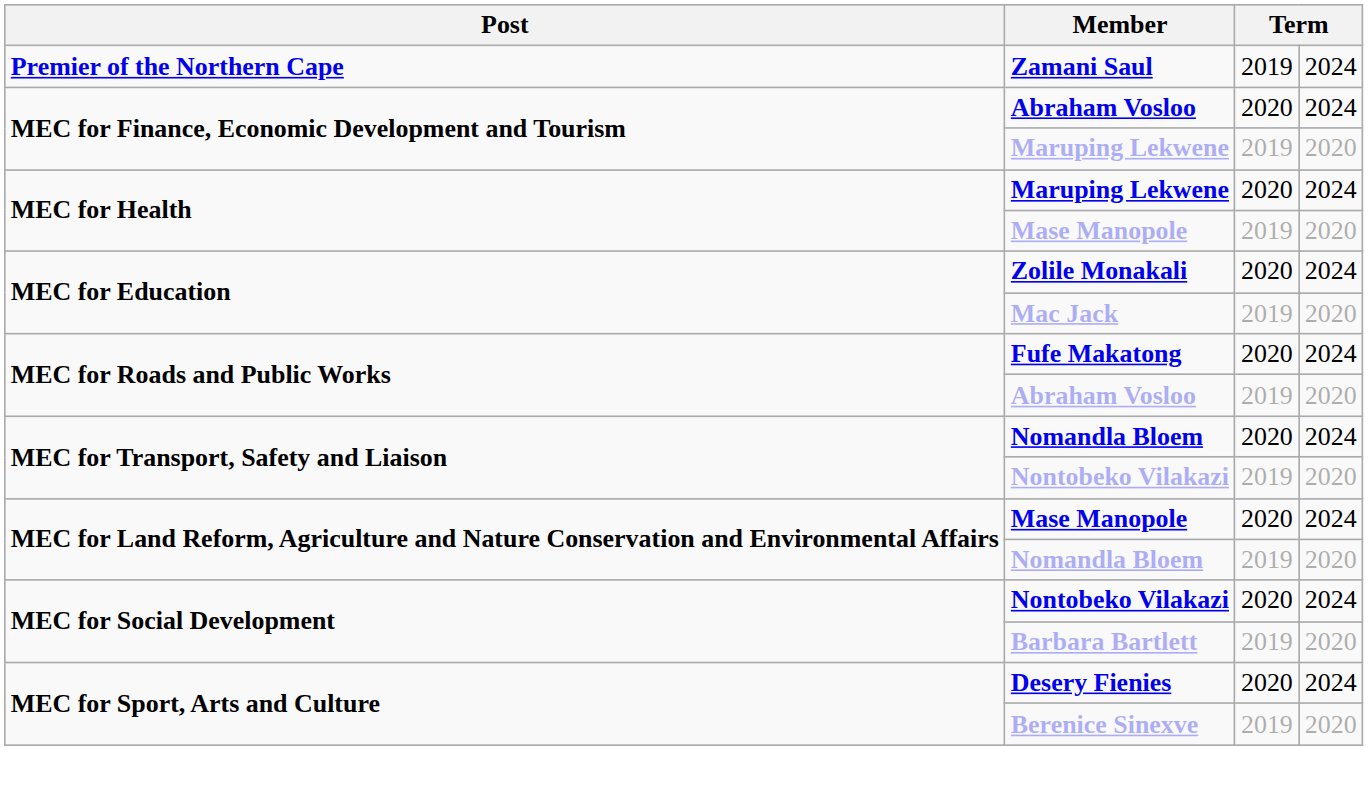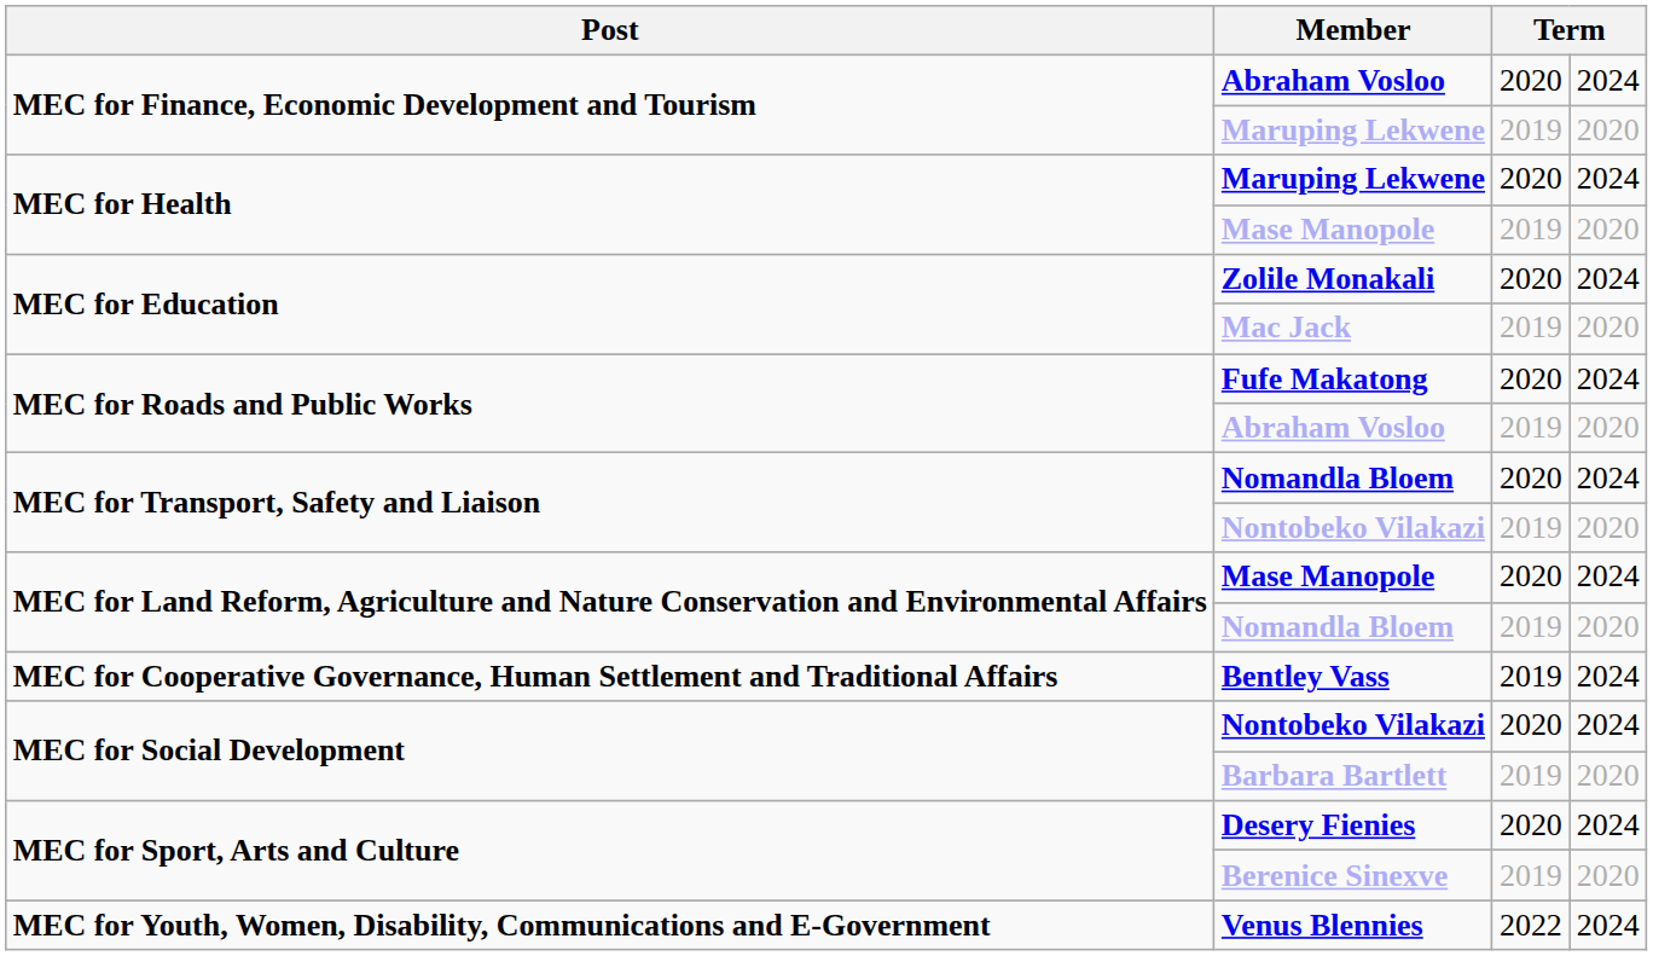 <table class="wikitable">
 <tr>
 <th>Post</th>
 <th>Member</th>
 <th colspan="2">Term</th>
-</tr>
-<tr>
-<td><strong><a href='#'>Premier of the Northern Cape</a></strong></td>
-<td><strong><a href='#'>Zamani Saul</a></strong></td>
-<td>2019</td>
-<td>2024</td>
 </tr>
 <tr>
 <td rowspan="2"><strong>MEC for Finance, Economic Development and Tourism</strong></td>
 <td><strong><a href='#'>Abraham Vosloo</a></strong></td>
 <td>2020</td>
 <td>2024</td>
 </tr>
 <tr style="opacity:.3;">
 <td><strong><a href='#'>Maruping Lekwene</a></strong></td>
 <td>2019</td>
 <td>2020</td>
 </tr>
 <tr>
 <td rowspan="2"><strong>MEC for Health</strong></td>
 <td><strong><a href='#'>Maruping Lekwene</a></strong></td>
 <td>2020</td>
 <td>2024</td>
 </tr>
 <tr style="opacity:.3;">
 <td><strong><a href='#'>Mase Manopole</a></strong></td>
 <td>2019</td>
 <td>2020</td>
 </tr>
 <tr>
 <td rowspan="2"><strong>MEC for Education</strong></td>
 <td><strong><a href='#'>Zolile Monakali</a></strong></td>
 <td>2020</td>
 <td>2024</td>
 </tr>
 <tr style="opacity:.3;">
 <td><strong><a href='#'>Mac Jack</a></strong></td>
 <td>2019</td>
 <td>2020</td>
 </tr>
 <tr>
 <td rowspan="2"><strong>MEC for Roads and Public Works</strong></td>
 <td><strong><a href='#'>Fufe Makatong</a></strong></td>
 <td>2020</td>
 <td>2024</td>
 </tr>
 <tr style="opacity:.3;">
 <td><strong><a href='#'>Abraham Vosloo</a></strong></td>
 <td>2019</td>
 <td>2020</td>
 </tr>
 <tr>
 <td rowspan="2"><strong>MEC for Transport, Safety and Liaison</strong></td>
 <td><strong><a href='#'>Nomandla Bloem</a></strong></td>
 <td>2020</td>
 <td>2024</td>
 </tr>
 <tr style="opacity:.3;">
 <td><strong><a href='#'>Nontobeko Vilakazi</a></strong></td>
 <td>2019</td>
 <td>2020</td>
 </tr>
 <tr>
 <td rowspan="2"><strong>MEC for Land Reform, Agriculture and Nature Conservation and Environmental Affairs</strong></td>
 <td><strong><a href='#'>Mase Manopole</a></strong></td>
 <td>2020</td>
 <td>2024</td>
 </tr>
 <tr style="opacity:.3;">
 <td><strong><a href='#'>Nomandla Bloem</a></strong></td>
 <td>2019</td>
 <td>2020</td>
 </tr>
 <tr>
+<td><strong>MEC for Cooperative Governance, Human Settlement and Traditional Affairs</strong></td>
+<td><strong><a href='#'>Bentley Vass</a></strong></td>
+<td>2019</td>
+<td>2024</td>
+</tr>
+<tr>
 <td rowspan="2"><strong>MEC for Social Development</strong></td>
 <td><strong><a href='#'>Nontobeko Vilakazi</a></strong></td>
 <td>2020</td>
 <td>2024</td>
 </tr>
 <tr style="opacity:.3;">
 <td><strong><a href='#'>Barbara Bartlett</a></strong></td>
 <td>2019</td>
 <td>2020</td>
 </tr>
 <tr>
 <td rowspan="2"><strong>MEC for Sport, Arts and Culture</strong></td>
 <td><strong><a href='#'>Desery Fienies</a></strong></td>
 <td>2020</td>
 <td>2024</td>
 </tr>
 <tr style="opacity:.3;">
 <td><strong><a href='#'>Berenice Sinexve</a></strong></td>
 <td>2019</td>
 <td>2020</td>
 </tr>
+<tr>
+<td><strong>MEC for Youth, Women, Disability, Communications and E-Government</strong></td>
+<td><strong><a href='#'>Venus Blennies</a></strong></td>
+<td>2022</td>
+<td>2024</td>
+</tr>
 </table>
